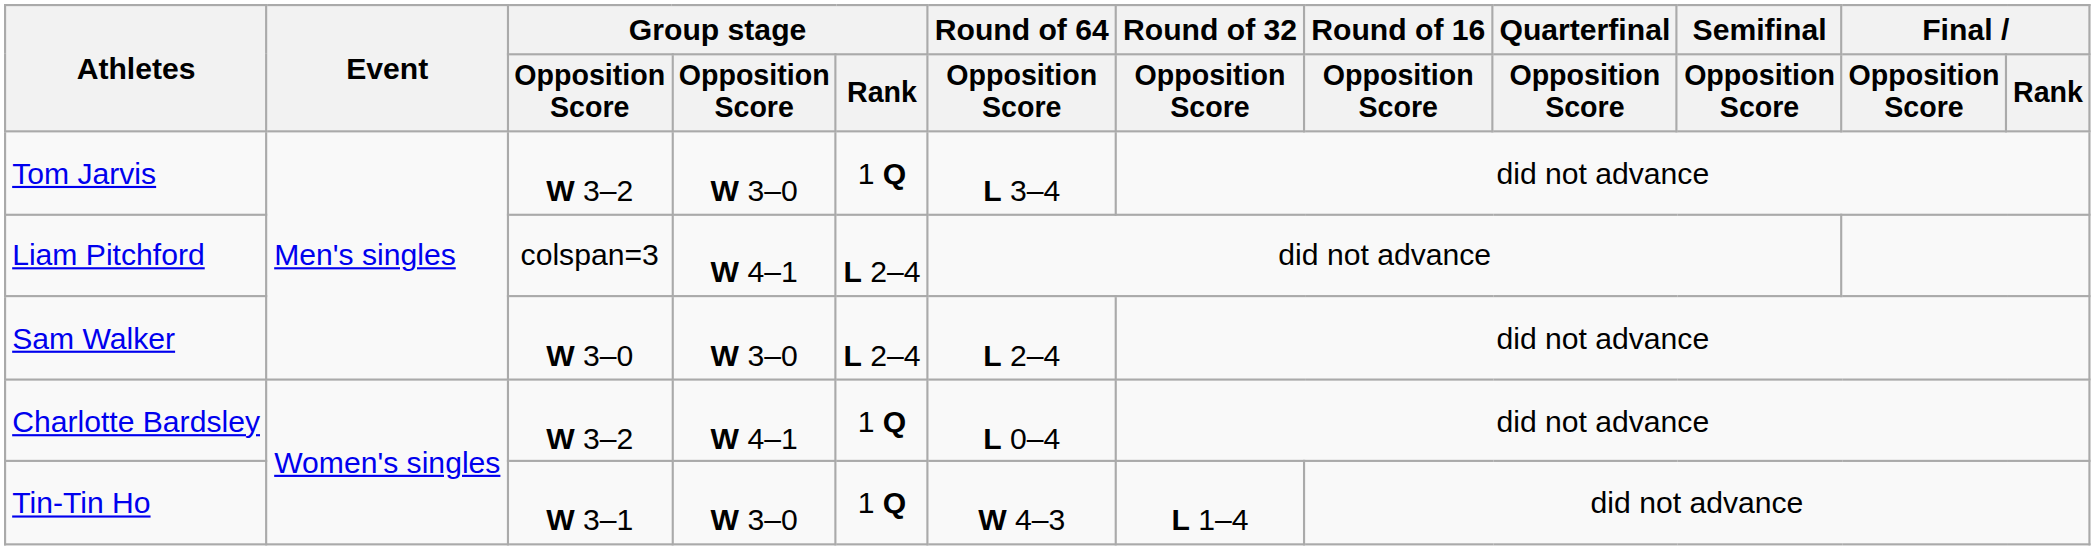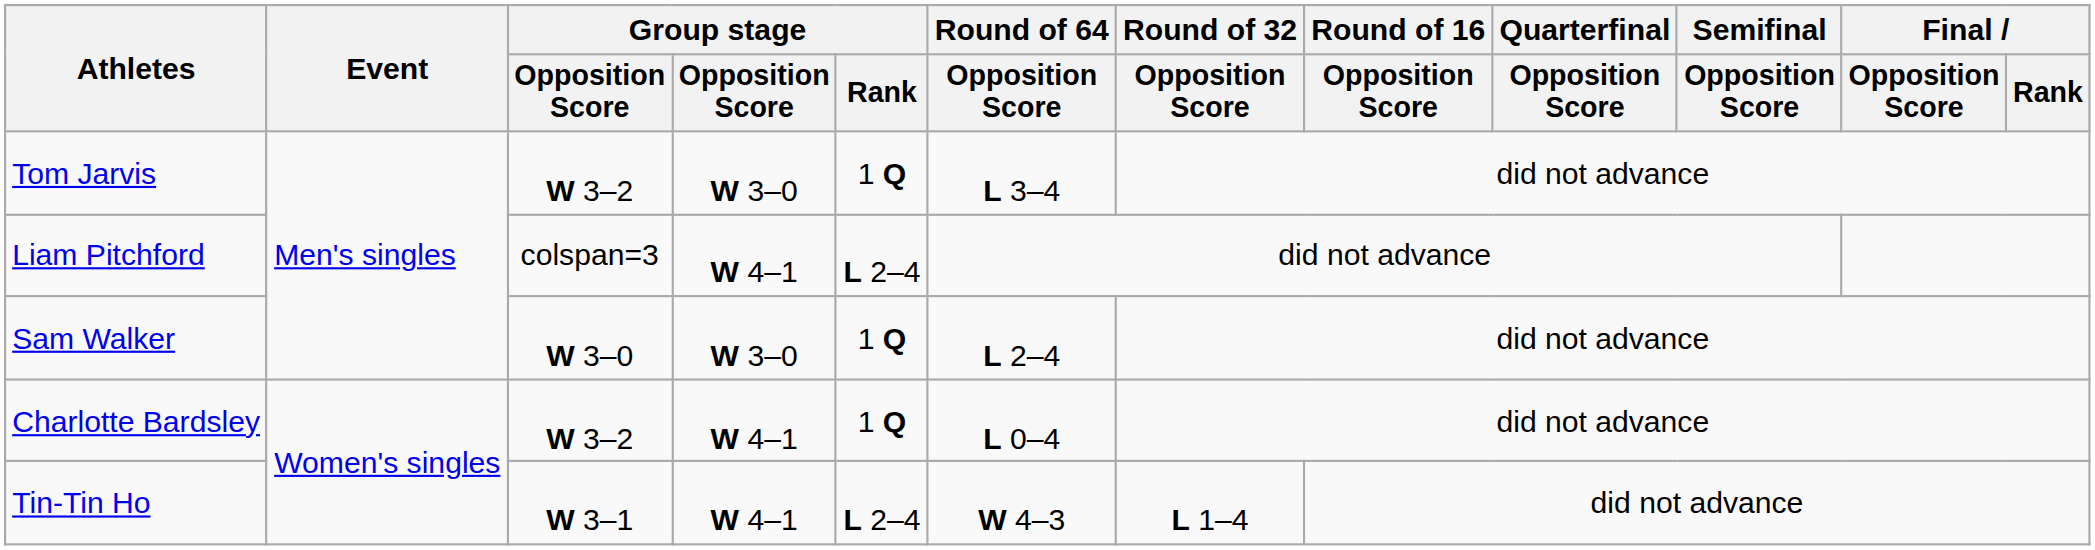 <table class=wikitable style=font-size:88%;text-align:center>
 <tr>
 <th rowspan=2>Athletes</th>
 <th rowspan=2>Event</th>
 <th colspan=3>Group stage</th>
 <th>Round of 64</th>
 <th>Round of 32</th>
 <th>Round of 16</th>
 <th>Quarterfinal</th>
 <th>Semifinal</th>
 <th colspan=2>Final / </th>
 </tr>
 <tr style=font-size:95%>
 <th>Opposition<br>Score</th>
 <th>Opposition<br>Score</th>
 <th>Rank</th>
 <th>Opposition<br>Score</th>
 <th>Opposition<br>Score</th>
 <th>Opposition<br>Score</th>
 <th>Opposition<br>Score</th>
 <th>Opposition<br>Score</th>
 <th>Opposition<br>Score</th>
 <th>Rank</th>
 </tr>
 <tr>
 <td align=left><a href='#'>Tom Jarvis</a></td>
 <td align=left rowspan=3><a href='#'>Men's singles</a></td>
 <td><br><strong>W</strong> 3–2</td>
 <td><br><strong>W</strong> 3–0</td>
 <td>1 <strong>Q</strong></td>
 <td><br><strong>L</strong> 3–4</td>
 <td colspan=6>did not advance</td>
 </tr>
 <tr>
 <td align=left><a href='#'>Liam Pitchford</a></td>
 <td>colspan=3 </td>
 <td><br><strong>W</strong> 4–1</td>
 <td><br><strong>L</strong> 2–4</td>
 <td colspan=5>did not advance</td>
 </tr>
 <tr>
 <td align=left><a href='#'>Sam Walker</a></td>
 <td><br><strong>W</strong> 3–0</td>
 <td><br><strong>W</strong> 3–0</td>
-<td><br><strong>L</strong> 2–4</td>
+<td>1 <strong>Q</strong></td>
 <td><br><strong>L</strong> 2–4</td>
 <td colspan=6>did not advance</td>
 </tr>
 <tr>
 <td align=left><a href='#'>Charlotte Bardsley</a></td>
 <td align=left rowspan=2><a href='#'>Women's singles</a></td>
 <td><br><strong>W</strong> 3–2</td>
 <td><br><strong>W</strong> 4–1</td>
 <td>1 <strong>Q</strong></td>
 <td><br><strong>L</strong> 0–4</td>
 <td colspan=6>did not advance</td>
 </tr>
 <tr>
 <td align=left><a href='#'>Tin-Tin Ho</a></td>
 <td><br><strong>W</strong> 3–1</td>
-<td><br><strong>W</strong> 3–0</td>
-<td>1 <strong>Q</strong></td>
+<td><br><strong>W</strong> 4–1</td>
+<td><br><strong>L</strong> 2–4</td>
 <td><br><strong>W</strong> 4–3</td>
 <td><br><strong>L</strong> 1–4</td>
 <td colspan=5>did not advance</td>
 </tr>
 </table>
